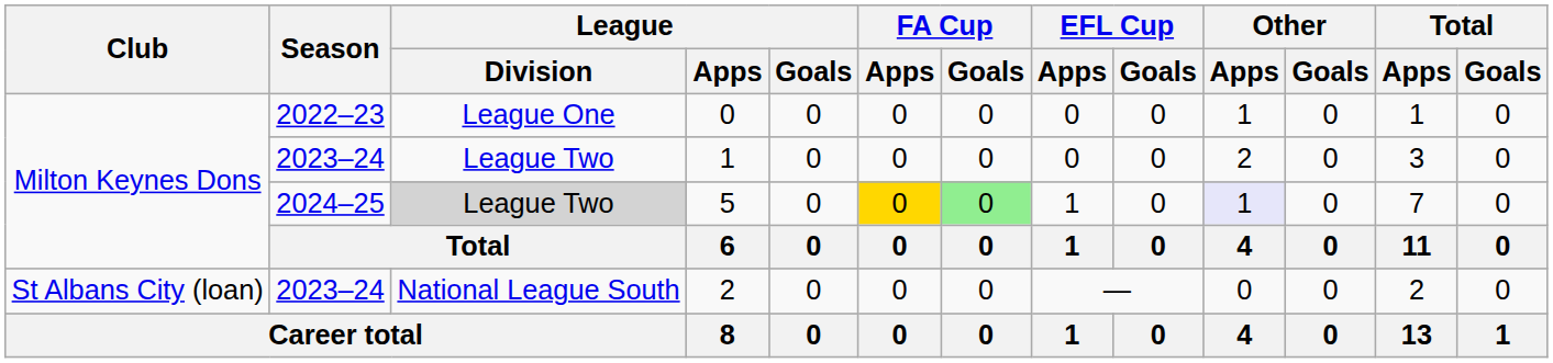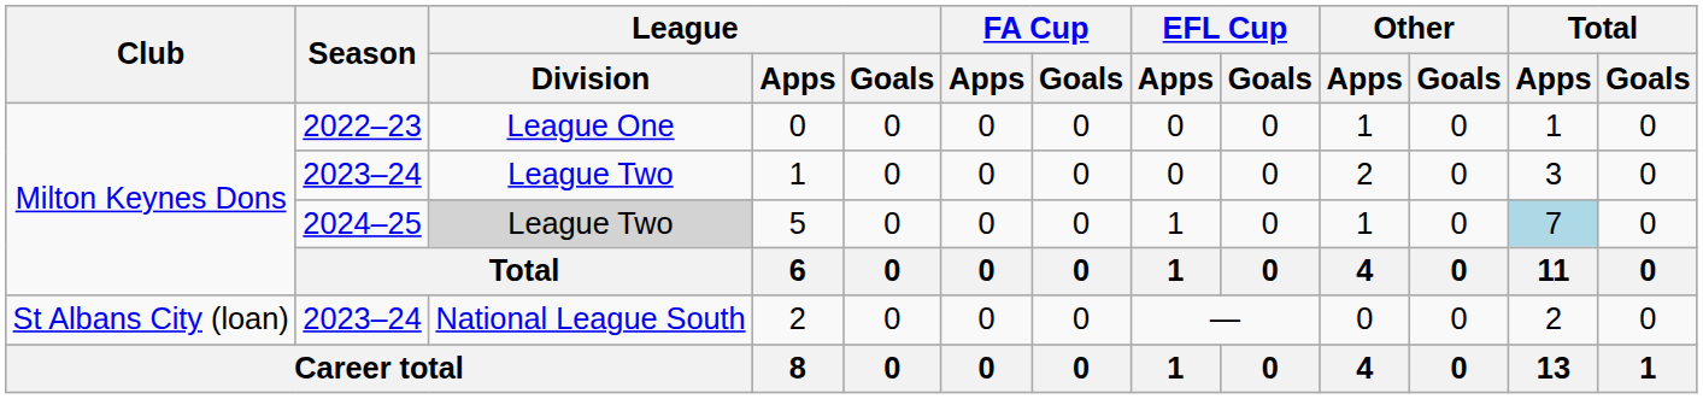 <table class="wikitable" style="text-align:center;">
 <tr>
 <th rowspan="2">Club</th>
 <th rowspan="2">Season</th>
 <th colspan="3">League</th>
 <th colspan="2"><a href='#'>FA Cup</a></th>
 <th colspan="2"><a href='#'>EFL Cup</a></th>
 <th colspan="2">Other</th>
 <th colspan="2">Total</th>
 </tr>
 <tr>
 <th>Division</th>
 <th>Apps</th>
 <th>Goals</th>
 <th>Apps</th>
 <th>Goals</th>
 <th>Apps</th>
 <th>Goals</th>
 <th>Apps</th>
 <th>Goals</th>
 <th>Apps</th>
 <th>Goals</th>
 </tr>
 <tr>
 <td rowspan="4"><a href='#'>Milton Keynes Dons</a></td>
 <td><a href='#'>2022–23</a></td>
 <td><a href='#'>League One</a></td>
 <td>0</td>
 <td>0</td>
 <td>0</td>
 <td>0</td>
 <td>0</td>
 <td>0</td>
 <td>1</td>
 <td>0</td>
 <td>1</td>
 <td>0</td>
 </tr>
 <tr>
 <td><a href='#'>2023–24</a></td>
 <td><a href='#'>League Two</a></td>
 <td>1</td>
 <td>0</td>
 <td>0</td>
 <td>0</td>
 <td>0</td>
 <td>0</td>
 <td>2</td>
 <td>0</td>
 <td>3</td>
 <td>0</td>
 </tr>
 <tr>
 <td><a href='#'>2024–25</a></td>
 <td style="background: lightgrey;">League Two</td>
 <td>5</td>
 <td>0</td>
-<td style="background: gold;">0</td>
-<td style="background: lightgreen;">0</td>
+<td>0</td>
+<td>0</td>
 <td>1</td>
 <td>0</td>
-<td style="background: lavender;">1</td>
+<td>1</td>
 <td>0</td>
-<td>7</td>
+<td style="background: lightblue;">7</td>
 <td>0</td>
 </tr>
 <tr>
 <th colspan="2">Total</th>
 <th>6</th>
 <th>0</th>
 <th>0</th>
 <th>0</th>
 <th>1</th>
 <th>0</th>
 <th>4</th>
 <th>0</th>
 <th>11</th>
 <th>0</th>
 </tr>
 <tr>
 <td><a href='#'>St Albans City</a> (loan)</td>
 <td><a href='#'>2023–24</a></td>
 <td><a href='#'>National League South</a></td>
 <td>2</td>
 <td>0</td>
 <td>0</td>
 <td>0</td>
 <td colspan="2">—</td>
 <td>0</td>
 <td>0</td>
 <td>2</td>
 <td>0</td>
 </tr>
 <tr>
 <th colspan="3">Career total</th>
 <th>8</th>
 <th>0</th>
 <th>0</th>
 <th>0</th>
 <th>1</th>
 <th>0</th>
 <th>4</th>
 <th>0</th>
 <th>13</th>
 <th>1</th>
 </tr>
 </table>
